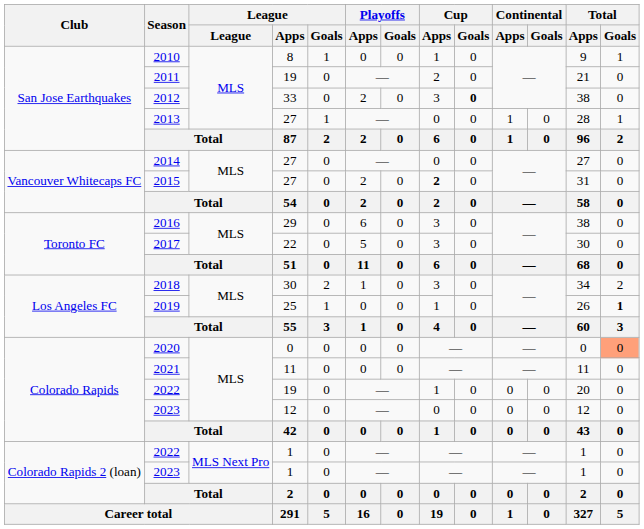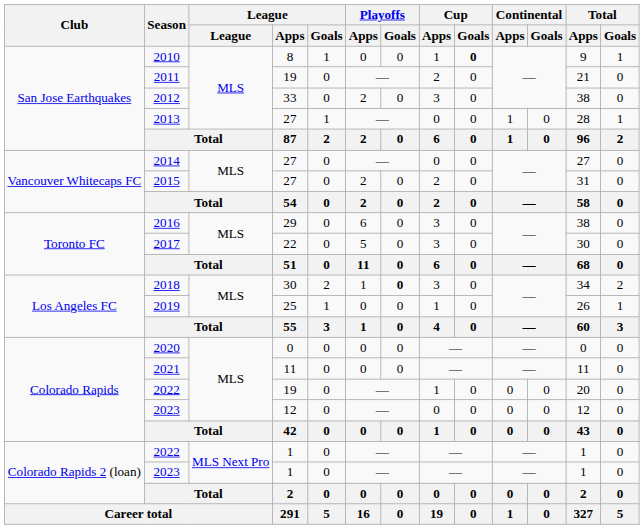 <table class="wikitable" Style="text-align: center">
 <tr>
 <th rowspan="2">Club</th>
 <th rowspan="2">Season</th>
 <th colspan="3">League</th>
 <th colspan="2"><a href='#'>Playoffs</a></th>
 <th colspan="2">Cup</th>
 <th colspan="2">Continental</th>
 <th colspan="2">Total</th>
 </tr>
 <tr>
 <th>League</th>
 <th>Apps</th>
 <th>Goals</th>
 <th>Apps</th>
 <th>Goals</th>
 <th>Apps</th>
 <th>Goals</th>
 <th>Apps</th>
 <th>Goals</th>
 <th>Apps</th>
 <th>Goals</th>
 </tr>
 <tr>
 <td rowspan="5"><a href='#'>San Jose Earthquakes</a></td>
 <td><a href='#'>2010</a></td>
 <td rowspan="4"><a href='#'>MLS</a></td>
 <td>8</td>
 <td>1</td>
 <td>0</td>
 <td>0</td>
 <td>1</td>
-<td>0</td>
+<td><strong>0</strong></td>
 <td rowspan="3" colspan="2">—</td>
 <td>9</td>
 <td>1</td>
 </tr>
 <tr>
 <td><a href='#'>2011</a></td>
 <td>19</td>
 <td>0</td>
 <td colspan="2">—</td>
 <td>2</td>
 <td>0</td>
 <td>21</td>
 <td>0</td>
 </tr>
 <tr>
 <td><a href='#'>2012</a></td>
 <td>33</td>
 <td>0</td>
 <td>2</td>
 <td>0</td>
 <td>3</td>
-<td><strong>0</strong></td>
+<td>0</td>
 <td>38</td>
 <td>0</td>
 </tr>
 <tr>
 <td><a href='#'>2013</a></td>
 <td>27</td>
 <td>1</td>
 <td colspan="2">—</td>
 <td>0</td>
 <td>0</td>
 <td>1</td>
 <td>0</td>
 <td>28</td>
 <td>1</td>
 </tr>
 <tr>
 <th colspan="2">Total</th>
 <th>87</th>
 <th>2</th>
 <th>2</th>
 <th>0</th>
 <th>6</th>
 <th>0</th>
 <th>1</th>
 <th>0</th>
 <th>96</th>
 <th>2</th>
 </tr>
 <tr>
 <td rowspan="3"><a href='#'>Vancouver Whitecaps FC</a></td>
 <td><a href='#'>2014</a></td>
 <td rowspan="2">MLS</td>
 <td>27</td>
 <td>0</td>
 <td colspan="2">—</td>
 <td>0</td>
 <td>0</td>
 <td rowspan="2" colspan="2">—</td>
 <td>27</td>
 <td>0</td>
 </tr>
 <tr>
 <td><a href='#'>2015</a></td>
 <td>27</td>
 <td>0</td>
 <td>2</td>
 <td>0</td>
-<td><strong>2</strong></td>
+<td>2</td>
 <td>0</td>
 <td>31</td>
 <td>0</td>
 </tr>
 <tr>
 <th colspan="2">Total</th>
 <th>54</th>
 <th>0</th>
 <th>2</th>
 <th>0</th>
 <th>2</th>
 <th>0</th>
 <th colspan="2">—</th>
 <th>58</th>
 <th>0</th>
 </tr>
 <tr>
 <td rowspan="3"><a href='#'>Toronto FC</a></td>
 <td><a href='#'>2016</a></td>
 <td rowspan="2">MLS</td>
 <td>29</td>
 <td>0</td>
 <td>6</td>
 <td>0</td>
 <td>3</td>
 <td>0</td>
 <td rowspan="2" colspan="2">—</td>
 <td>38</td>
 <td>0</td>
 </tr>
 <tr>
 <td><a href='#'>2017</a></td>
 <td>22</td>
 <td>0</td>
 <td>5</td>
 <td>0</td>
 <td>3</td>
 <td>0</td>
 <td>30</td>
 <td>0</td>
 </tr>
 <tr>
 <th colspan="2">Total</th>
 <th>51</th>
 <th>0</th>
 <th>11</th>
 <th>0</th>
 <th>6</th>
 <th>0</th>
 <th colspan="2">—</th>
 <th>68</th>
 <th>0</th>
 </tr>
 <tr>
 <td rowspan="3"><a href='#'>Los Angeles FC</a></td>
 <td><a href='#'>2018</a></td>
 <td rowspan="2">MLS</td>
 <td>30</td>
 <td>2</td>
 <td>1</td>
-<td>0</td>
+<td><strong>0</strong></td>
 <td>3</td>
 <td>0</td>
 <td rowspan="2" colspan="2">—</td>
 <td>34</td>
 <td>2</td>
 </tr>
 <tr>
 <td><a href='#'>2019</a></td>
 <td>25</td>
 <td>1</td>
 <td>0</td>
 <td>0</td>
 <td>1</td>
 <td>0</td>
 <td>26</td>
-<td><strong>1</strong></td>
+<td>1</td>
 </tr>
 <tr>
 <th colspan="2">Total</th>
 <th>55</th>
 <th>3</th>
 <th>1</th>
 <th>0</th>
 <th>4</th>
 <th>0</th>
 <th colspan="2">—</th>
 <th>60</th>
 <th>3</th>
 </tr>
 <tr>
 <td rowspan="5"><a href='#'>Colorado Rapids</a></td>
 <td><a href='#'>2020</a></td>
 <td rowspan="4">MLS</td>
 <td>0</td>
 <td>0</td>
 <td>0</td>
 <td>0</td>
 <td colspan="2">—</td>
 <td colspan="2">—</td>
 <td>0</td>
-<td style="background: lightsalmon;">0</td>
+<td>0</td>
 </tr>
 <tr>
 <td><a href='#'>2021</a></td>
 <td>11</td>
 <td>0</td>
 <td>0</td>
 <td>0</td>
 <td colspan="2">—</td>
 <td colspan="2">—</td>
 <td>11</td>
 <td>0</td>
 </tr>
 <tr>
 <td><a href='#'>2022</a></td>
 <td>19</td>
 <td>0</td>
 <td colspan="2">—</td>
 <td>1</td>
 <td>0</td>
 <td>0</td>
 <td>0</td>
 <td>20</td>
 <td>0</td>
 </tr>
 <tr>
 <td><a href='#'>2023</a></td>
 <td>12</td>
 <td>0</td>
 <td colspan="2">—</td>
 <td>0</td>
 <td>0</td>
 <td>0</td>
 <td>0</td>
 <td>12</td>
 <td>0</td>
 </tr>
 <tr>
 <th colspan="2">Total</th>
 <th>42</th>
 <th>0</th>
 <th>0</th>
 <th>0</th>
 <th>1</th>
 <th>0</th>
 <th>0</th>
 <th>0</th>
 <th>43</th>
 <th>0</th>
 </tr>
 <tr>
 <td rowspan="3"><a href='#'>Colorado Rapids 2</a> (loan)</td>
 <td><a href='#'>2022</a></td>
 <td rowspan="2"><a href='#'>MLS Next Pro</a></td>
 <td>1</td>
 <td>0</td>
 <td colspan="2">—</td>
 <td colspan="2">—</td>
 <td colspan="2">—</td>
 <td>1</td>
 <td>0</td>
 </tr>
 <tr>
 <td><a href='#'>2023</a></td>
 <td>1</td>
 <td>0</td>
 <td colspan="2">—</td>
 <td colspan="2">—</td>
 <td colspan="2">—</td>
 <td>1</td>
 <td>0</td>
 </tr>
 <tr>
 <th colspan="2">Total</th>
 <th>2</th>
 <th>0</th>
 <th>0</th>
 <th>0</th>
 <th>0</th>
 <th>0</th>
 <th>0</th>
 <th>0</th>
 <th>2</th>
 <th>0</th>
 </tr>
 <tr>
 <th colspan="3">Career total</th>
 <th>291</th>
 <th>5</th>
 <th>16</th>
 <th>0</th>
 <th>19</th>
 <th>0</th>
 <th>1</th>
 <th>0</th>
 <th>327</th>
 <th>5</th>
 </tr>
 </table>
